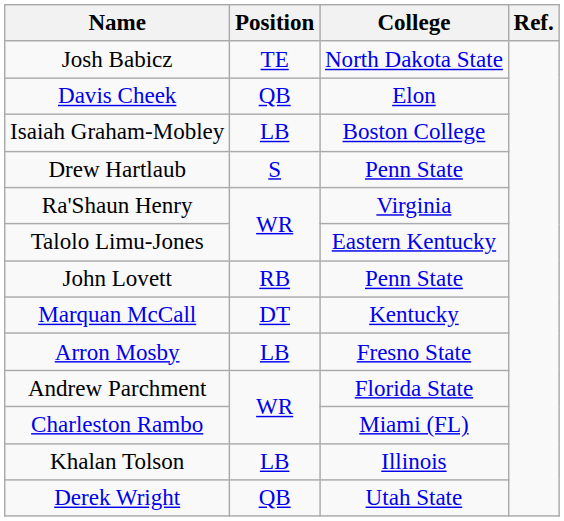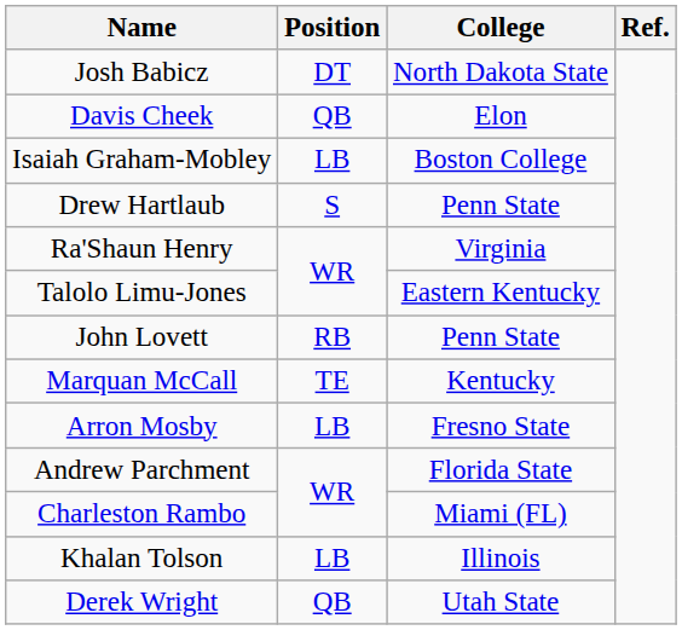 <table class="wikitable" style="text-align:center">
 <tr>
 <th>Name</th>
 <th>Position</th>
 <th>College</th>
 <th>Ref.</th>
 </tr>
 <tr>
 <td>Josh Babicz</td>
-<td><a href='#'>TE</a></td>
+<td><a href='#'>DT</a></td>
 <td><a href='#'>North Dakota State</a></td>
 <td rowspan = 13></td>
 </tr>
 <tr>
 <td><a href='#'>Davis Cheek</a></td>
 <td><a href='#'>QB</a></td>
 <td><a href='#'>Elon</a></td>
 </tr>
 <tr>
 <td>Isaiah Graham-Mobley</td>
 <td><a href='#'>LB</a></td>
 <td><a href='#'>Boston College</a></td>
 </tr>
 <tr>
 <td>Drew Hartlaub</td>
 <td><a href='#'>S</a></td>
 <td><a href='#'>Penn State</a></td>
 </tr>
 <tr>
 <td>Ra'Shaun Henry</td>
 <td rowspan = 2><a href='#'>WR</a></td>
 <td><a href='#'>Virginia</a></td>
 </tr>
 <tr>
 <td>Talolo Limu-Jones</td>
 <td><a href='#'>Eastern Kentucky</a></td>
 </tr>
 <tr>
 <td>John Lovett</td>
 <td><a href='#'>RB</a></td>
 <td><a href='#'>Penn State</a></td>
 </tr>
 <tr>
 <td><a href='#'>Marquan McCall</a></td>
-<td><a href='#'>DT</a></td>
+<td><a href='#'>TE</a></td>
 <td><a href='#'>Kentucky</a></td>
 </tr>
 <tr>
 <td><a href='#'>Arron Mosby</a></td>
 <td><a href='#'>LB</a></td>
 <td><a href='#'>Fresno State</a></td>
 </tr>
 <tr>
 <td>Andrew Parchment</td>
 <td rowspan = 2><a href='#'>WR</a></td>
 <td><a href='#'>Florida State</a></td>
 </tr>
 <tr>
 <td><a href='#'>Charleston Rambo</a></td>
 <td><a href='#'>Miami (FL)</a></td>
 </tr>
 <tr>
 <td>Khalan Tolson</td>
 <td><a href='#'>LB</a></td>
 <td><a href='#'>Illinois</a></td>
 </tr>
 <tr>
 <td><a href='#'>Derek Wright</a></td>
 <td><a href='#'>QB</a></td>
 <td><a href='#'>Utah State</a></td>
 </tr>
 </table>
